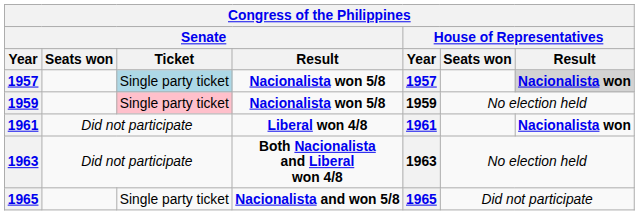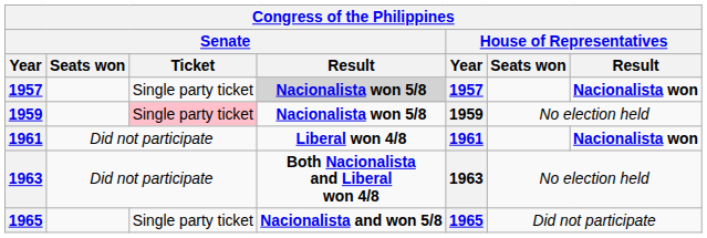 <table class="wikitable sortable" style="text-align:center; font-size:90%">
 <tr>
 <th colspan="7"><a href='#'>Congress of the Philippines</a></th>
 </tr>
 <tr>
 <th colspan="4"><a href='#'>Senate</a></th>
 <th colspan="3"><a href='#'>House of Representatives</a></th>
 </tr>
 <tr>
 <th>Year</th>
 <th>Seats won</th>
 <th>Ticket</th>
 <th>Result</th>
 <th>Year</th>
 <th>Seats won</th>
 <th>Result</th>
 </tr>
 <tr>
 <th><a href='#'>1957</a></th>
 <td></td>
-<td style="background: lightblue;">Single party ticket</td>
-<td><strong><a href='#'>Nacionalista</a> won 5/8</strong></td>
+<td>Single party ticket</td>
+<td style="background: lightgrey;"><strong><a href='#'>Nacionalista</a> won 5/8</strong></td>
 <th><a href='#'>1957</a></th>
 <td></td>
-<td style="background: lightgrey;"><strong><a href='#'>Nacionalista</a> won</strong></td>
+<td><strong><a href='#'>Nacionalista</a> won</strong></td>
 </tr>
 <tr>
 <th><a href='#'>1959</a></th>
 <td></td>
 <td style="background: pink;">Single party ticket</td>
 <td><strong><a href='#'>Nacionalista</a> won 5/8</strong></td>
 <th>1959</th>
 <td colspan="2"><em>No election held</em></td>
 </tr>
 <tr>
 <th><a href='#'>1961</a></th>
 <td colspan="2"><em>Did not participate</em></td>
 <td><strong><a href='#'>Liberal</a> won 4/8</strong></td>
 <th><a href='#'>1961</a></th>
 <td></td>
 <td><strong><a href='#'>Nacionalista</a> won</strong></td>
 </tr>
 <tr>
 <th><a href='#'>1963</a></th>
 <td colspan="2"><em>Did not participate</em></td>
 <td><strong>Both <a href='#'>Nacionalista</a><br>and <a href='#'>Liberal</a><br>won 4/8</strong></td>
 <th>1963</th>
 <td colspan="2"><em>No election held</em></td>
 </tr>
 <tr>
 <th><a href='#'>1965</a></th>
 <td></td>
 <td>Single party ticket</td>
 <td><strong><a href='#'>Nacionalista</a> and won 5/8</strong></td>
 <th><a href='#'>1965</a></th>
 <td colspan="2"><em>Did not participate</em></td>
 </tr>
 </table>
